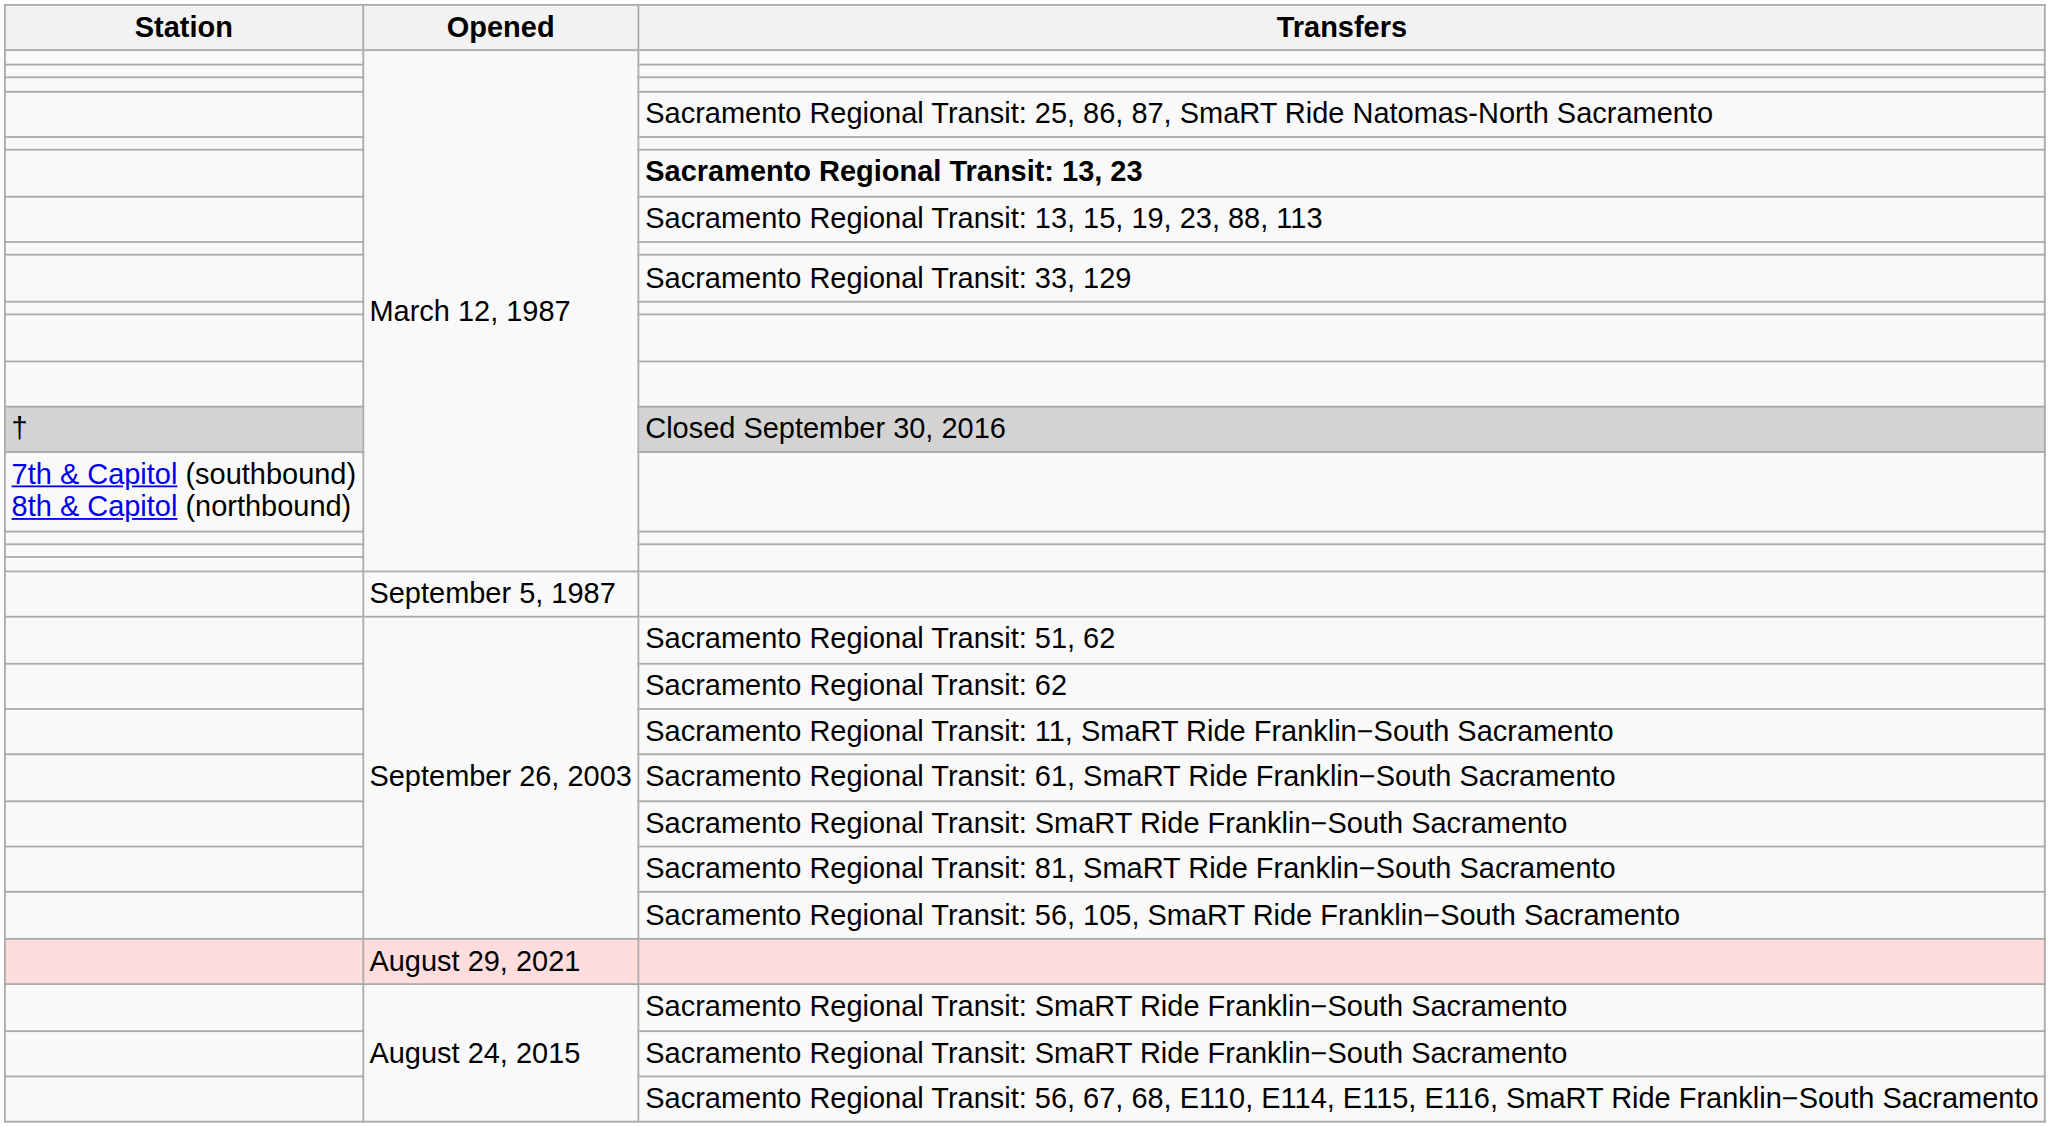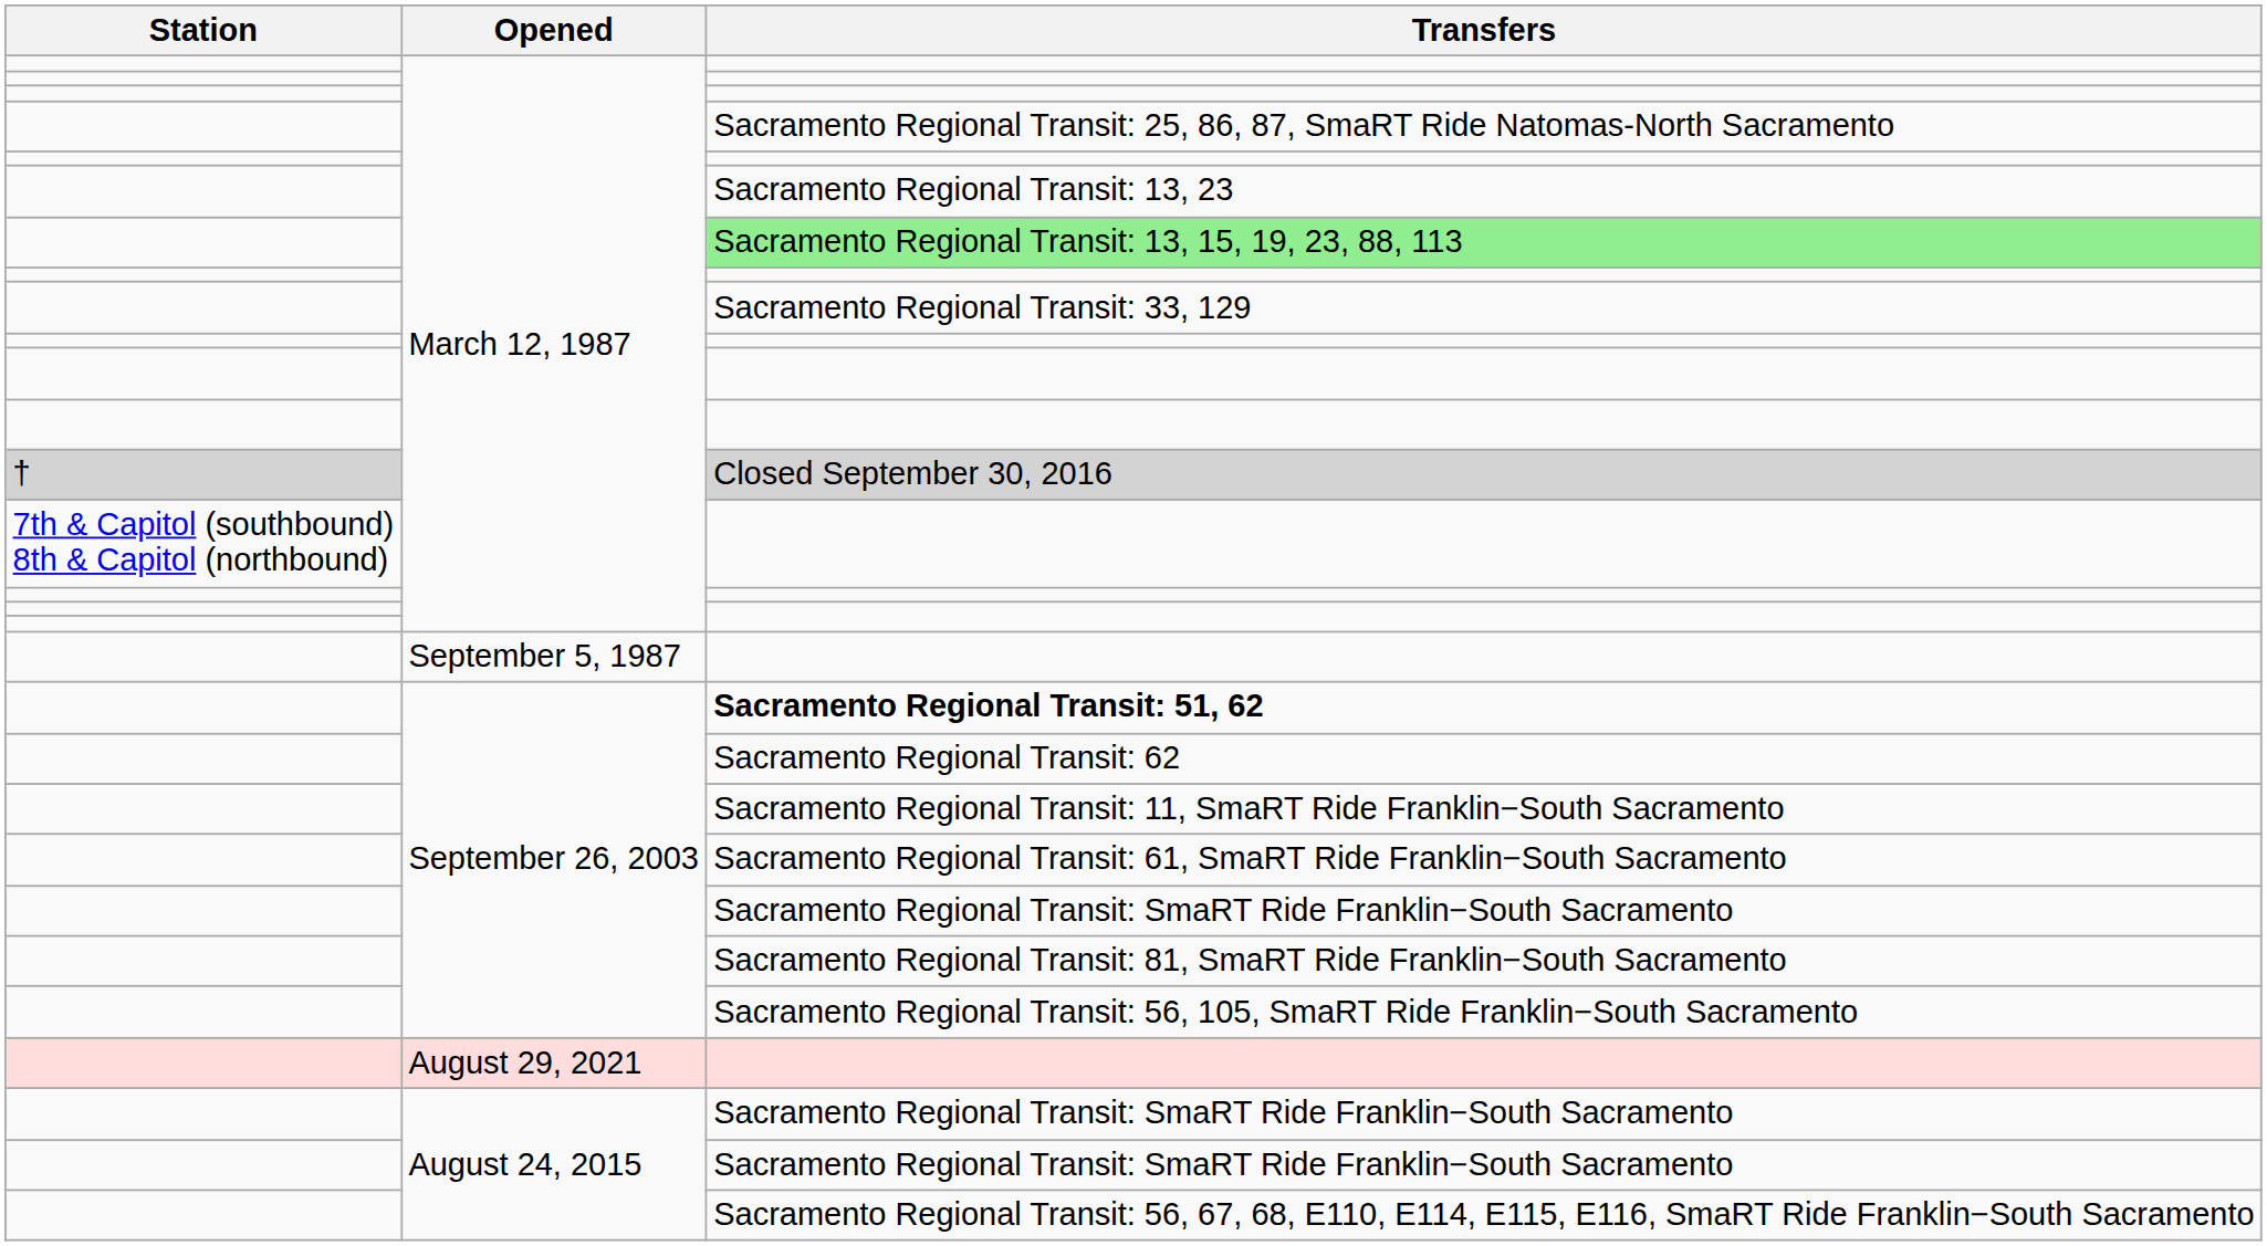 <table class=wikitable>
 <tr>
 <th>Station</th>
 <th>Opened</th>
 <th>Transfers</th>
 </tr>
 <tr>
 <td></td>
 <td rowspan="17">March 12, 1987</td>
 <td></td>
 </tr>
 <tr>
 <td></td>
 <td></td>
 </tr>
 <tr>
 <td></td>
 <td></td>
 </tr>
 <tr>
 <td></td>
 <td> Sacramento Regional Transit: 25, 86, 87, SmaRT Ride Natomas-North Sacramento</td>
 </tr>
 <tr>
 <td></td>
 <td></td>
 </tr>
 <tr>
 <td></td>
-<td><strong> Sacramento Regional Transit: 13, 23</strong></td>
+<td> Sacramento Regional Transit: 13, 23</td>
 </tr>
 <tr>
 <td></td>
-<td> Sacramento Regional Transit: 13, 15, 19, 23, 88, 113</td>
+<td style="background: lightgreen;"> Sacramento Regional Transit: 13, 15, 19, 23, 88, 113</td>
 </tr>
 <tr>
 <td></td>
 <td></td>
 </tr>
 <tr>
 <td></td>
 <td> Sacramento Regional Transit: 33, 129</td>
 </tr>
 <tr>
 <td></td>
 <td></td>
 </tr>
 <tr>
 <td><br></td>
 <td></td>
 </tr>
 <tr>
 <td><br></td>
 <td></td>
 </tr>
 <tr style="background:#D3D3D3;">
 <td> †<br></td>
 <td>Closed September 30, 2016</td>
 </tr>
 <tr>
 <td><a href='#'>7th & Capitol</a> (southbound)<br><a href='#'>8th & Capitol</a> (northbound)</td>
 <td></td>
 </tr>
 <tr>
 <td></td>
 <td></td>
 </tr>
 <tr>
 <td></td>
 <td rowspan="2">  </td>
 </tr>
 <tr>
 <td></td>
 </tr>
 <tr>
 <td></td>
 <td>September 5, 1987</td>
 <td></td>
 </tr>
 <tr>
 <td></td>
 <td rowspan="7">September 26, 2003</td>
-<td> Sacramento Regional Transit: 51, 62</td>
+<td><strong> Sacramento Regional Transit: 51, 62</strong></td>
 </tr>
 <tr>
 <td></td>
 <td> Sacramento Regional Transit: 62</td>
 </tr>
 <tr>
 <td></td>
 <td> Sacramento Regional Transit: 11, SmaRT Ride Franklin−South Sacramento</td>
 </tr>
 <tr>
 <td></td>
 <td> Sacramento Regional Transit: 61, SmaRT Ride Franklin−South Sacramento</td>
 </tr>
 <tr>
 <td></td>
 <td> Sacramento Regional Transit: SmaRT Ride Franklin−South Sacramento</td>
 </tr>
 <tr>
 <td></td>
 <td> Sacramento Regional Transit: 81, SmaRT Ride Franklin−South Sacramento</td>
 </tr>
 <tr>
 <td></td>
 <td> Sacramento Regional Transit: 56, 105, SmaRT Ride Franklin−South Sacramento</td>
 </tr>
 <tr style="background-color:#FDD;">
 <td></td>
 <td>August 29, 2021</td>
 <td></td>
 </tr>
 <tr>
 <td></td>
 <td rowspan="3">August 24, 2015</td>
 <td> Sacramento Regional Transit: SmaRT Ride Franklin−South Sacramento</td>
 </tr>
 <tr>
 <td></td>
 <td> Sacramento Regional Transit: SmaRT Ride Franklin−South Sacramento</td>
 </tr>
 <tr>
 <td></td>
 <td> Sacramento Regional Transit: 56, 67, 68, E110, E114, E115, E116, SmaRT Ride Franklin−South Sacramento</td>
 </tr>
 </table>
